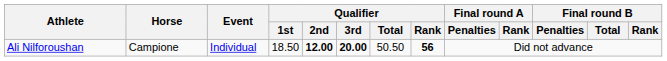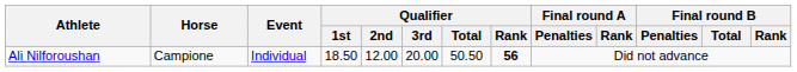 <table class="wikitable" width="98%" style="text-align:center; font-size:90%">
 <tr>
 <th rowspan="2" width="18%">Athlete</th>
 <th rowspan="2" width="12%">Horse</th>
 <th rowspan="2" width="9%">Event</th>
 <th colspan="5">Qualifier</th>
 <th colspan="2">Final round A</th>
 <th colspan="3">Final round B</th>
 </tr>
 <tr>
 <th width="5%">1st</th>
 <th width="5%">2nd</th>
 <th width="5%">3rd</th>
 <th width="6%">Total</th>
 <th width="5%">Rank</th>
 <th width="7%">Penalties</th>
 <th width="5%">Rank</th>
 <th width="7%">Penalties</th>
 <th width="6%">Total</th>
 <th width="5%">Rank</th>
 </tr>
 <tr>
 <td align="left"><a href='#'>Ali Nilforoushan</a></td>
 <td align="left">Campione</td>
 <td align="left"><a href='#'>Individual</a></td>
 <td>18.50</td>
-<td><strong>12.00</strong></td>
-<td><strong>20.00</strong></td>
+<td>12.00</td>
+<td>20.00</td>
 <td>50.50</td>
 <td><strong>56</strong></td>
 <td colspan=5 align=center>Did not advance</td>
 </tr>
 </table>
